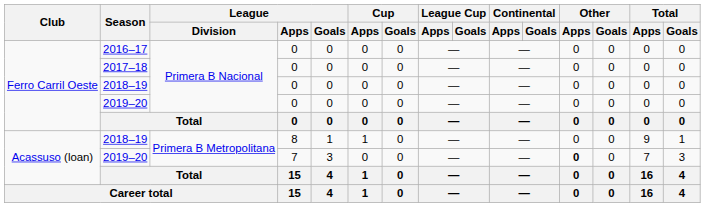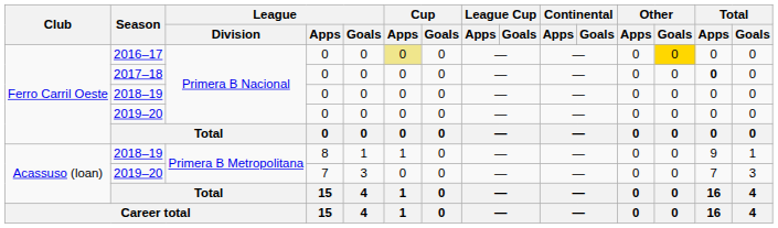 <table class="wikitable" style="text-align:center">
 <tr>
 <th rowspan="2">Club</th>
 <th rowspan="2">Season</th>
 <th colspan="3">League</th>
 <th colspan="2">Cup</th>
 <th colspan="2">League Cup</th>
 <th colspan="2">Continental</th>
 <th colspan="2">Other</th>
 <th colspan="2">Total</th>
 </tr>
 <tr>
 <th>Division</th>
 <th>Apps</th>
 <th>Goals</th>
 <th>Apps</th>
 <th>Goals</th>
 <th>Apps</th>
 <th>Goals</th>
 <th>Apps</th>
 <th>Goals</th>
 <th>Apps</th>
 <th>Goals</th>
 <th>Apps</th>
 <th>Goals</th>
 </tr>
 <tr>
 <td rowspan="5"><a href='#'>Ferro Carril Oeste</a></td>
 <td><a href='#'>2016–17</a></td>
 <td rowspan="4"><a href='#'>Primera B Nacional</a></td>
 <td>0</td>
 <td>0</td>
-<td>0</td>
+<td style="background: khaki;">0</td>
 <td>0</td>
 <td colspan="2">—</td>
 <td colspan="2">—</td>
 <td>0</td>
-<td>0</td>
+<td style="background: gold;">0</td>
 <td>0</td>
 <td>0</td>
 </tr>
 <tr>
 <td><a href='#'>2017–18</a></td>
 <td>0</td>
 <td>0</td>
 <td>0</td>
 <td>0</td>
 <td colspan="2">—</td>
 <td colspan="2">—</td>
 <td>0</td>
 <td>0</td>
-<td>0</td>
+<td><strong>0</strong></td>
 <td>0</td>
 </tr>
 <tr>
 <td><a href='#'>2018–19</a></td>
 <td>0</td>
 <td>0</td>
 <td>0</td>
 <td>0</td>
 <td colspan="2">—</td>
 <td colspan="2">—</td>
 <td>0</td>
 <td>0</td>
 <td>0</td>
 <td>0</td>
 </tr>
 <tr>
 <td><a href='#'>2019–20</a></td>
 <td>0</td>
 <td>0</td>
 <td>0</td>
 <td>0</td>
 <td colspan="2">—</td>
 <td colspan="2">—</td>
 <td>0</td>
 <td>0</td>
 <td>0</td>
 <td>0</td>
 </tr>
 <tr>
 <th colspan="2">Total</th>
 <th>0</th>
 <th>0</th>
 <th>0</th>
 <th>0</th>
 <th colspan="2">—</th>
 <th colspan="2">—</th>
 <th>0</th>
 <th>0</th>
 <th>0</th>
 <th>0</th>
 </tr>
 <tr>
 <td rowspan="3"><a href='#'>Acassuso</a> (loan)</td>
 <td><a href='#'>2018–19</a></td>
 <td rowspan="2"><a href='#'>Primera B Metropolitana</a></td>
 <td>8</td>
 <td>1</td>
 <td>1</td>
 <td>0</td>
 <td colspan="2">—</td>
 <td colspan="2">—</td>
 <td>0</td>
 <td>0</td>
 <td>9</td>
 <td>1</td>
 </tr>
 <tr>
 <td><a href='#'>2019–20</a></td>
 <td>7</td>
 <td>3</td>
 <td>0</td>
 <td>0</td>
 <td colspan="2">—</td>
 <td colspan="2">—</td>
-<td><strong>0</strong></td>
+<td>0</td>
 <td>0</td>
 <td>7</td>
 <td>3</td>
 </tr>
 <tr>
 <th colspan="2">Total</th>
 <th>15</th>
 <th>4</th>
 <th>1</th>
 <th>0</th>
 <th colspan="2">—</th>
 <th colspan="2">—</th>
 <th>0</th>
 <th>0</th>
 <th>16</th>
 <th>4</th>
 </tr>
 <tr>
 <th colspan="3">Career total</th>
 <th>15</th>
 <th>4</th>
 <th>1</th>
 <th>0</th>
 <th colspan="2">—</th>
 <th colspan="2">—</th>
 <th>0</th>
 <th>0</th>
 <th>16</th>
 <th>4</th>
 </tr>
 </table>
